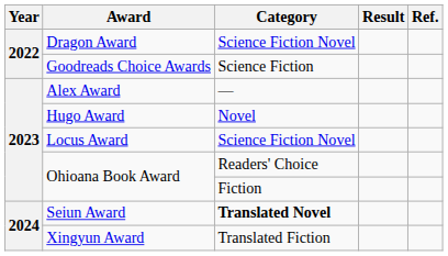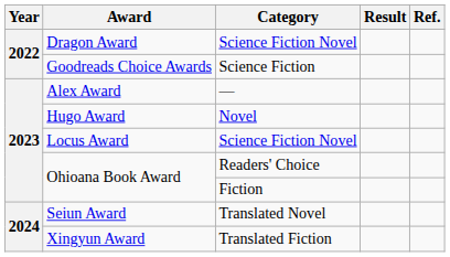 <table class="wikitable sortable">
 <tr>
 <th>Year</th>
 <th>Award</th>
 <th>Category</th>
 <th>Result</th>
 <th>Ref.</th>
 </tr>
 <tr>
 <th rowspan=2>2022</th>
 <td><a href='#'>Dragon Award</a></td>
 <td><a href='#'>Science Fiction Novel</a></td>
 <td></td>
 <td></td>
 </tr>
 <tr>
 <td><a href='#'>Goodreads Choice Awards</a></td>
 <td>Science Fiction</td>
 <td></td>
 <td></td>
 </tr>
 <tr>
 <th rowspan=5>2023</th>
 <td><a href='#'>Alex Award</a></td>
 <td>—</td>
 <td></td>
 <td></td>
 </tr>
 <tr>
 <td><a href='#'>Hugo Award</a></td>
 <td><a href='#'>Novel</a></td>
 <td></td>
 <td></td>
 </tr>
 <tr>
 <td><a href='#'>Locus Award</a></td>
 <td><a href='#'>Science Fiction Novel</a></td>
 <td></td>
 <td></td>
 </tr>
 <tr>
 <td rowspan="2">Ohioana Book Award</td>
 <td>Readers' Choice</td>
 <td></td>
 <td></td>
 </tr>
 <tr>
 <td>Fiction</td>
 <td></td>
 <td></td>
 </tr>
 <tr>
 <th rowspan=2>2024</th>
 <td><a href='#'>Seiun Award</a></td>
-<td><strong>Translated Novel</strong></td>
+<td>Translated Novel</td>
 <td></td>
 <td></td>
 </tr>
 <tr>
 <td><a href='#'>Xingyun Award</a></td>
 <td>Translated Fiction</td>
 <td></td>
 <td></td>
 </tr>
 </table>
